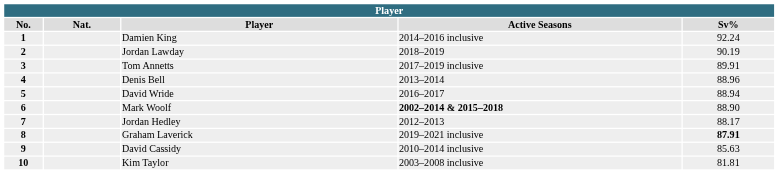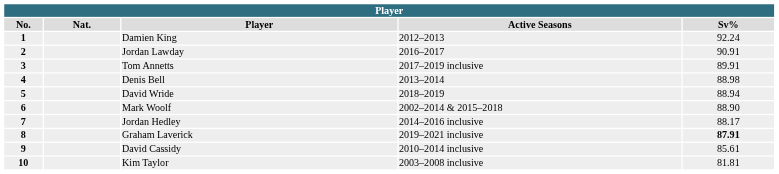 <table class="toccolours"  style="width:97%; clear:both; margin:1.5em auto; text-align:center;">
 <tr>
 <th colspan="11" style="background:#2f6d81; color:white;”">Player</th>
 </tr>
 <tr style="background:#ddd;">
 <th width=5%>No.</th>
 <th width=10%>Nat.</th>
 <th !width=30%>Player</th>
 <th width=37%>Active Seasons</th>
 <th widith=18%>Sv%</th>
 </tr>
 <tr style="background:#eee;">
 <td><strong>1</strong></td>
 <td></td>
 <td align="left">Damien King</td>
-<td align=left>2014–2016 inclusive</td>
+<td align=left>2012–2013</td>
 <td>92.24</td>
 </tr>
 <tr style="background:#eee;">
 <td><strong>2</strong></td>
 <td></td>
 <td align=left>Jordan Lawday</td>
-<td align=left>2018–2019</td>
-<td>90.19</td>
+<td align=left>2016–2017</td>
+<td>90.91</td>
 </tr>
 <tr style="background:#eee;">
 <td><strong>3</strong></td>
 <td></td>
 <td align=left>Tom Annetts</td>
 <td align=left>2017–2019 inclusive</td>
 <td>89.91</td>
 </tr>
 <tr style="background:#eee;">
 <td><strong>4</strong></td>
 <td></td>
 <td align=left>Denis Bell</td>
 <td align=left>2013–2014</td>
-<td>88.96</td>
+<td>88.98</td>
 </tr>
 <tr style="background:#eee;">
 <td><strong>5</strong></td>
 <td></td>
 <td align=left>David Wride</td>
-<td align=left>2016–2017</td>
+<td align=left>2018–2019</td>
 <td>88.94</td>
 </tr>
 <tr style="background:#eee;">
 <td><strong>6</strong></td>
 <td></td>
 <td align=left>Mark Woolf</td>
-<td align=left><strong>2002–2014 & 2015–2018</strong></td>
+<td align=left>2002–2014 & 2015–2018</td>
 <td>88.90</td>
 </tr>
 <tr style="background:#eee;">
 <td><strong>7</strong></td>
 <td></td>
 <td align=left>Jordan Hedley</td>
-<td align=left>2012–2013</td>
+<td align=left>2014–2016 inclusive</td>
 <td>88.17</td>
 </tr>
 <tr style="background:#eee;">
 <td><strong>8</strong></td>
 <td></td>
 <td align=left>Graham Laverick</td>
 <td align=left>2019–2021 inclusive</td>
 <td><strong>87.91</strong></td>
 </tr>
 <tr style="background:#eee;">
 <td><strong>9</strong></td>
 <td></td>
 <td align=left>David Cassidy</td>
 <td align=left>2010–2014 inclusive</td>
-<td>85.63</td>
+<td>85.61</td>
 </tr>
 <tr style="background:#eee;">
 <td><strong>10</strong></td>
 <td></td>
 <td align=left>Kim Taylor</td>
 <td align=left>2003–2008 inclusive</td>
 <td>81.81</td>
 </tr>
 </table>
